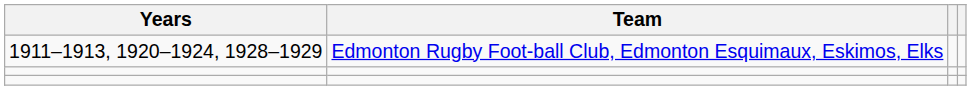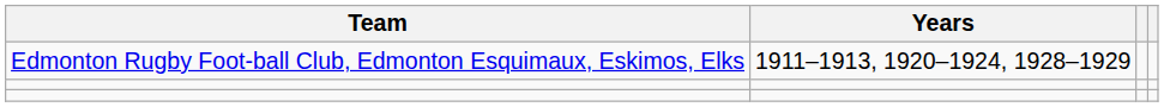 <table class="wikitable">
 <tr>
+<th>Team</th>
 <th>Years</th>
-<th>Team</th>
 <th></th>
 <th></th>
 </tr>
 <tr>
+<td><a href='#'>Edmonton Rugby Foot-ball Club, Edmonton Esquimaux, Eskimos, Elks</a></td>
 <td>1911–1913, 1920–1924, 1928–1929</td>
-<td><a href='#'>Edmonton Rugby Foot-ball Club, Edmonton Esquimaux, Eskimos, Elks</a></td>
 <td></td>
 <td></td>
 </tr>
 <tr>
 <td></td>
 <td></td>
 <td></td>
 <td></td>
 </tr>
 <tr>
 <td></td>
 <td></td>
 <td></td>
 <td></td>
 </tr>
 </table>
